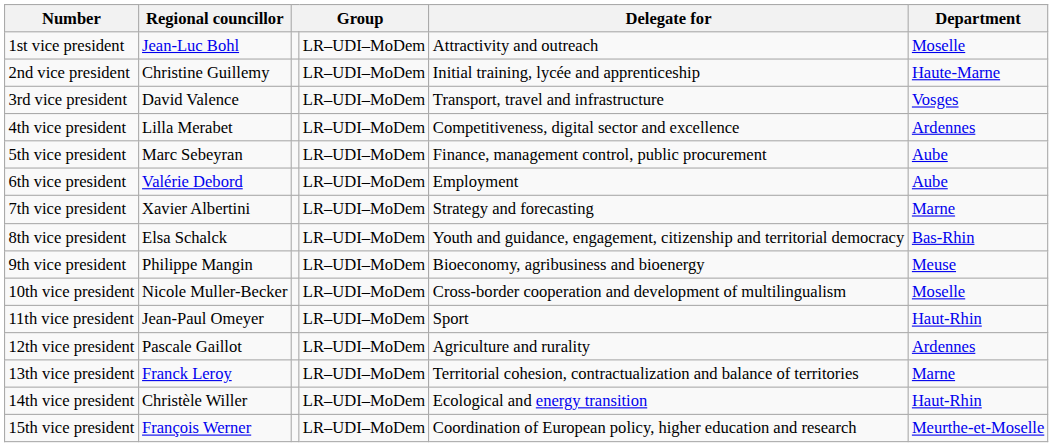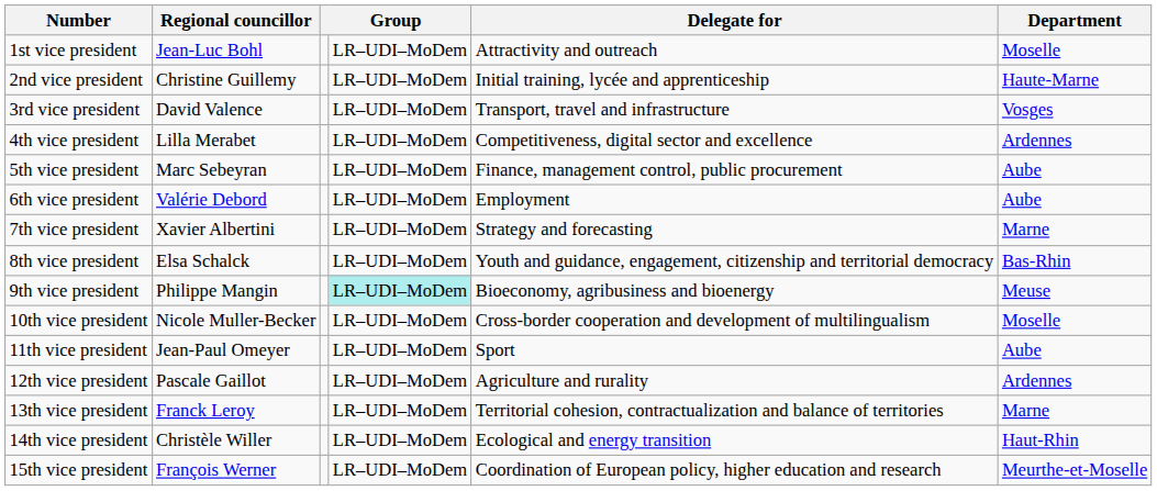 <table class="wikitable" style="font-size:95%;">
 <tr>
 <th>Number</th>
 <th>Regional councillor</th>
 <th colspan="2">Group</th>
 <th>Delegate for</th>
 <th>Department</th>
 </tr>
 <tr>
 <td>1st vice president</td>
 <td><a href='#'>Jean-Luc Bohl</a></td>
 <td style="background:"></td>
 <td>LR–UDI–MoDem</td>
 <td>Attractivity and outreach</td>
 <td><a href='#'>Moselle</a></td>
 </tr>
 <tr>
 <td>2nd vice president</td>
 <td>Christine Guillemy</td>
 <td style="background:"></td>
 <td>LR–UDI–MoDem</td>
 <td>Initial training, lycée and apprenticeship</td>
 <td><a href='#'>Haute-Marne</a></td>
 </tr>
 <tr>
 <td>3rd vice president</td>
 <td>David Valence</td>
 <td style="background:"></td>
 <td>LR–UDI–MoDem</td>
 <td>Transport, travel and infrastructure</td>
 <td><a href='#'>Vosges</a></td>
 </tr>
 <tr>
 <td>4th vice president</td>
 <td>Lilla Merabet</td>
 <td style="background:"></td>
 <td>LR–UDI–MoDem</td>
 <td>Competitiveness, digital sector and excellence</td>
 <td><a href='#'>Ardennes</a></td>
 </tr>
 <tr>
 <td>5th vice president</td>
 <td>Marc Sebeyran</td>
 <td style="background:"></td>
 <td>LR–UDI–MoDem</td>
 <td>Finance, management control, public procurement</td>
 <td><a href='#'>Aube</a></td>
 </tr>
 <tr>
 <td>6th vice president</td>
 <td><a href='#'>Valérie Debord</a></td>
 <td style="background:"></td>
 <td>LR–UDI–MoDem</td>
 <td>Employment</td>
 <td><a href='#'>Aube</a></td>
 </tr>
 <tr>
 <td>7th vice president</td>
 <td>Xavier Albertini</td>
 <td style="background:"></td>
 <td>LR–UDI–MoDem</td>
 <td>Strategy and forecasting</td>
 <td><a href='#'>Marne</a></td>
 </tr>
 <tr>
 <td>8th vice president</td>
 <td>Elsa Schalck</td>
 <td style="background:"></td>
 <td>LR–UDI–MoDem</td>
 <td>Youth and guidance, engagement, citizenship and territorial democracy</td>
 <td><a href='#'>Bas-Rhin</a></td>
 </tr>
 <tr>
 <td>9th vice president</td>
 <td>Philippe Mangin</td>
 <td style="background:"></td>
-<td>LR–UDI–MoDem</td>
+<td style="background: paleturquoise;">LR–UDI–MoDem</td>
 <td>Bioeconomy, agribusiness and bioenergy</td>
 <td><a href='#'>Meuse</a></td>
 </tr>
 <tr>
 <td>10th vice president</td>
 <td>Nicole Muller-Becker</td>
 <td style="background:"></td>
 <td>LR–UDI–MoDem</td>
 <td>Cross-border cooperation and development of multilingualism</td>
 <td><a href='#'>Moselle</a></td>
 </tr>
 <tr>
 <td>11th vice president</td>
 <td>Jean-Paul Omeyer</td>
 <td style="background:"></td>
 <td>LR–UDI–MoDem</td>
 <td>Sport</td>
-<td><a href='#'>Haut-Rhin</a></td>
+<td><a href='#'>Aube</a></td>
 </tr>
 <tr>
 <td>12th vice president</td>
 <td>Pascale Gaillot</td>
 <td style="background:"></td>
 <td>LR–UDI–MoDem</td>
 <td>Agriculture and rurality</td>
 <td><a href='#'>Ardennes</a></td>
 </tr>
 <tr>
 <td>13th vice president</td>
 <td><a href='#'>Franck Leroy</a></td>
 <td style="background:"></td>
 <td>LR–UDI–MoDem</td>
 <td>Territorial cohesion, contractualization and balance of territories</td>
 <td><a href='#'>Marne</a></td>
 </tr>
 <tr>
 <td>14th vice president</td>
 <td>Christèle Willer</td>
 <td style="background:"></td>
 <td>LR–UDI–MoDem</td>
 <td>Ecological and <a href='#'>energy transition</a></td>
 <td><a href='#'>Haut-Rhin</a></td>
 </tr>
 <tr>
 <td>15th vice president</td>
 <td><a href='#'>François Werner</a></td>
 <td style="background:"></td>
 <td>LR–UDI–MoDem</td>
 <td>Coordination of European policy, higher education and research</td>
 <td><a href='#'>Meurthe-et-Moselle</a></td>
 </tr>
 </table>
